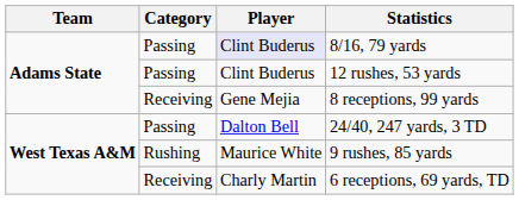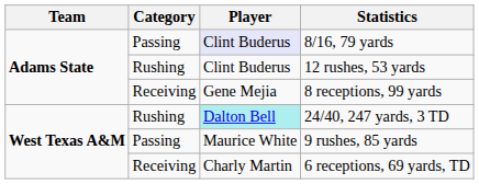 <table class="wikitable" style="float: right;">
 <tr>
 <th>Team</th>
 <th>Category</th>
 <th>Player</th>
 <th>Statistics</th>
 </tr>
 <tr>
 <td rowspan=3><strong>Adams State</strong></td>
 <td>Passing</td>
 <td style="background: lavender;">Clint Buderus</td>
 <td>8/16, 79 yards</td>
 </tr>
 <tr>
-<td>Passing</td>
+<td>Rushing</td>
 <td>Clint Buderus</td>
 <td>12 rushes, 53 yards</td>
 </tr>
 <tr>
 <td>Receiving</td>
 <td>Gene Mejia</td>
 <td>8 receptions, 99 yards</td>
 </tr>
 <tr>
 <td rowspan=3><strong>West Texas A&M</strong></td>
-<td>Passing</td>
-<td><a href='#'>Dalton Bell</a></td>
+<td>Rushing</td>
+<td style="background: paleturquoise;"><a href='#'>Dalton Bell</a></td>
 <td>24/40, 247 yards, 3 TD</td>
 </tr>
 <tr>
-<td>Rushing</td>
+<td>Passing</td>
 <td>Maurice White</td>
 <td>9 rushes, 85 yards</td>
 </tr>
 <tr>
 <td>Receiving</td>
 <td>Charly Martin</td>
 <td>6 receptions, 69 yards, TD</td>
 </tr>
 </table>
